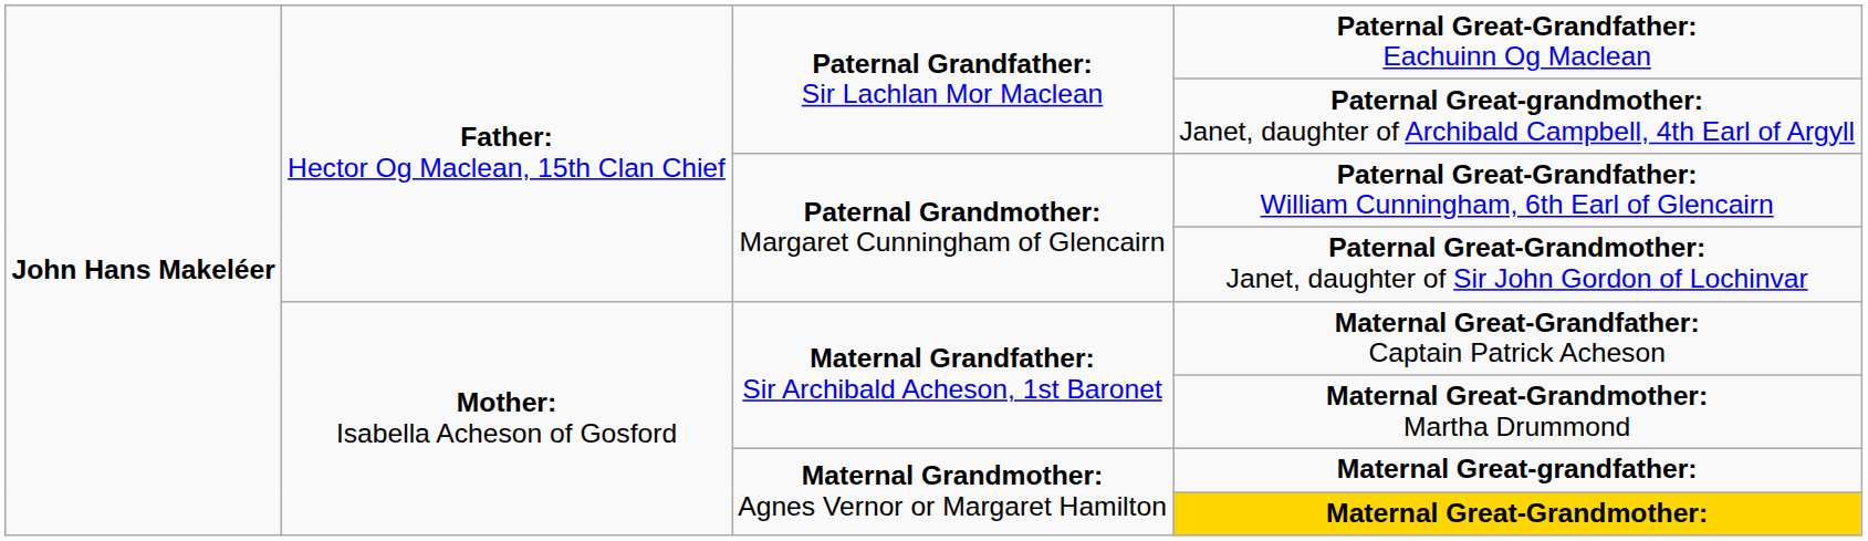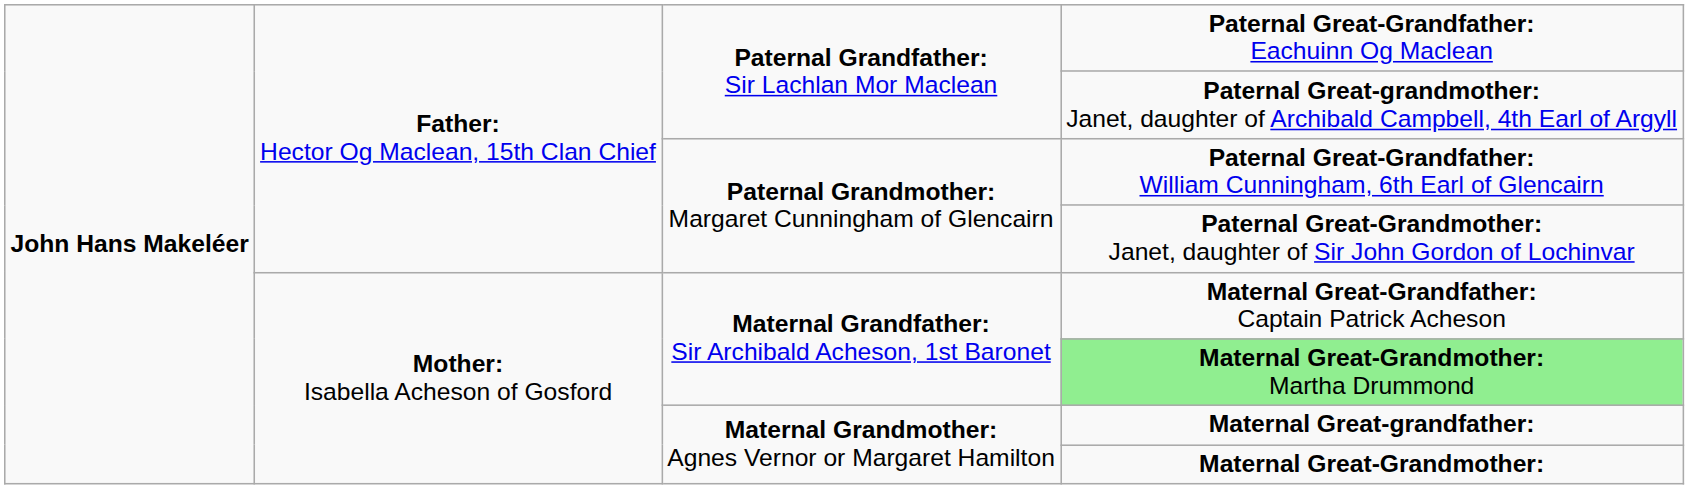 <table class="wikitable">
 <tr>
 <td rowspan="8" align="center"><strong>John Hans Makeléer</strong></td>
 <td rowspan="4" align="center"><strong>Father:</strong><br><a href='#'>Hector Og Maclean, 15th Clan Chief</a></td>
 <td rowspan="2" align="center"><strong>Paternal Grandfather:</strong><br><a href='#'>Sir Lachlan Mor Maclean</a></td>
 <td align="center"><strong>Paternal Great-Grandfather:</strong><br><a href='#'>Eachuinn Og Maclean</a></td>
 </tr>
 <tr>
 <td align="center"><strong>Paternal Great-grandmother:</strong><br>Janet, daughter of <a href='#'>Archibald Campbell, 4th Earl of Argyll</a></td>
 </tr>
 <tr>
 <td rowspan="2" align="center"><strong>Paternal Grandmother:</strong><br>Margaret Cunningham of Glencairn</td>
 <td align="center"><strong>Paternal Great-Grandfather:</strong><br><a href='#'>William Cunningham, 6th Earl of Glencairn</a></td>
 </tr>
 <tr>
 <td align="center"><strong>Paternal Great-Grandmother:</strong><br>Janet, daughter of <a href='#'>Sir John Gordon of Lochinvar</a></td>
 </tr>
 <tr>
 <td rowspan="4" align="center"><strong>Mother:</strong><br>Isabella Acheson of Gosford</td>
 <td rowspan="2" align="center"><strong>Maternal Grandfather:</strong><br><a href='#'>Sir Archibald Acheson, 1st Baronet</a></td>
 <td align="center"><strong>Maternal Great-Grandfather:</strong><br>Captain Patrick Acheson</td>
 </tr>
 <tr>
-<td align="center"><strong>Maternal Great-Grandmother:</strong><br>Martha Drummond</td>
+<td align="center" style="background: lightgreen;"><strong>Maternal Great-Grandmother:</strong><br>Martha Drummond</td>
 </tr>
 <tr>
 <td rowspan="2" align="center"><strong>Maternal Grandmother:</strong><br>Agnes Vernor or Margaret Hamilton</td>
 <td align="center"><strong>Maternal Great-grandfather:</strong><br></td>
 </tr>
 <tr>
-<td align="center" style="background: gold;"><strong>Maternal Great-Grandmother:</strong><br></td>
+<td align="center"><strong>Maternal Great-Grandmother:</strong><br></td>
 </tr>
 </table>
